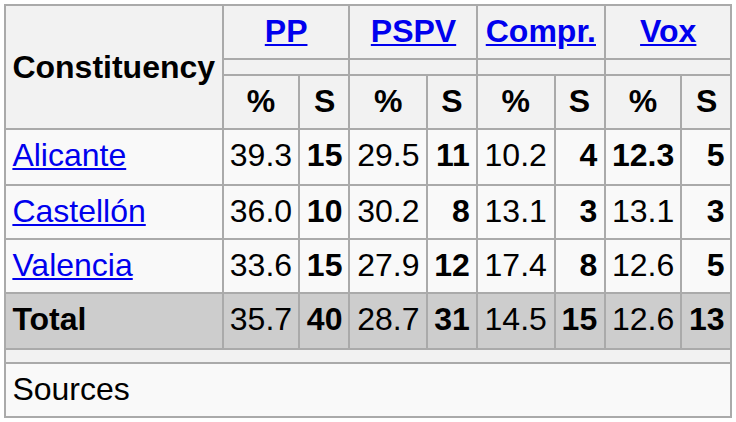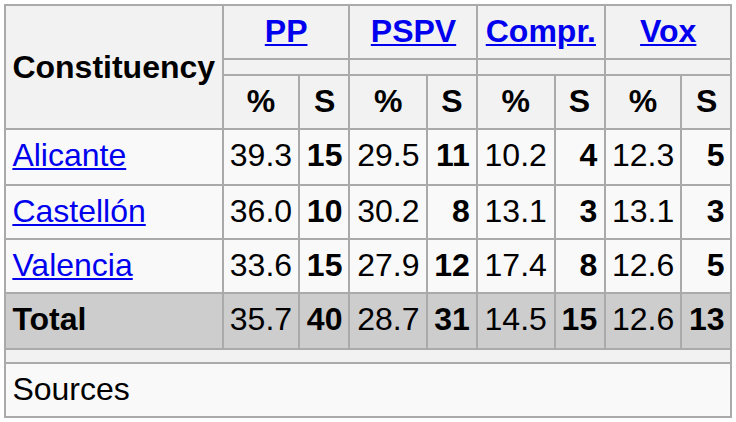 <table class="wikitable sortable" style="text-align:right; line-height:20px;">
 <tr>
 <th rowspan="3">Constituency</th>
 <th colspan="2" width="30px" class="unsortable"><a href='#'>PP</a></th>
 <th colspan="2" width="30px" class="unsortable"><a href='#'>PSPV</a></th>
 <th colspan="2" width="30px" class="unsortable"><a href='#'>Compr.</a></th>
 <th colspan="2" width="30px" class="unsortable"><a href='#'>Vox</a></th>
 </tr>
 <tr>
 <th colspan="2" style="background:"></th>
 <th colspan="2" style="background:"></th>
 <th colspan="2" style="background:"></th>
 <th colspan="2" style="background:"></th>
 </tr>
 <tr>
 <th data-sort-type="number">%</th>
 <th data-sort-type="number">S</th>
 <th data-sort-type="number">%</th>
 <th data-sort-type="number">S</th>
 <th data-sort-type="number">%</th>
 <th data-sort-type="number">S</th>
 <th data-sort-type="number">%</th>
 <th data-sort-type="number">S</th>
 </tr>
 <tr>
 <td align="left"><a href='#'>Alicante</a></td>
 <td style="background:">39.3</td>
 <td><strong>15</strong></td>
 <td>29.5</td>
 <td><strong>11</strong></td>
 <td>10.2</td>
 <td><strong>4</strong></td>
-<td><strong>12.3</strong></td>
+<td>12.3</td>
 <td><strong>5</strong></td>
 </tr>
 <tr>
 <td align="left"><a href='#'>Castellón</a></td>
 <td style="background:">36.0</td>
 <td><strong>10</strong></td>
 <td>30.2</td>
 <td><strong>8</strong></td>
 <td>13.1</td>
 <td><strong>3</strong></td>
 <td>13.1</td>
 <td><strong>3</strong></td>
 </tr>
 <tr>
 <td align="left"><a href='#'>Valencia</a></td>
 <td style="background:">33.6</td>
 <td><strong>15</strong></td>
 <td>27.9</td>
 <td><strong>12</strong></td>
 <td>17.4</td>
 <td><strong>8</strong></td>
 <td>12.6</td>
 <td><strong>5</strong></td>
 </tr>
 <tr style="background:#CDCDCD;">
 <td align="left"><strong>Total</strong></td>
 <td style="background:">35.7</td>
 <td><strong>40</strong></td>
 <td>28.7</td>
 <td><strong>31</strong></td>
 <td>14.5</td>
 <td><strong>15</strong></td>
 <td>12.6</td>
 <td><strong>13</strong></td>
 </tr>
 <tr>
 <th colspan="9"></th>
 </tr>
 <tr>
 <th style="text-align:left; font-weight:normal; background:#F9F9F9" colspan="9">Sources</th>
 </tr>
 </table>
